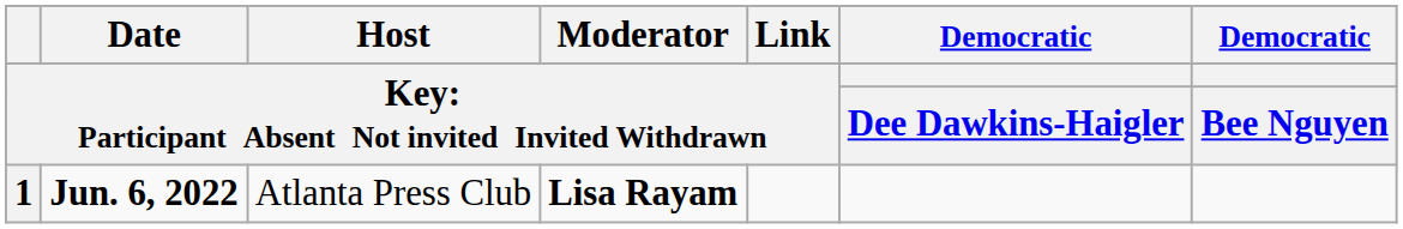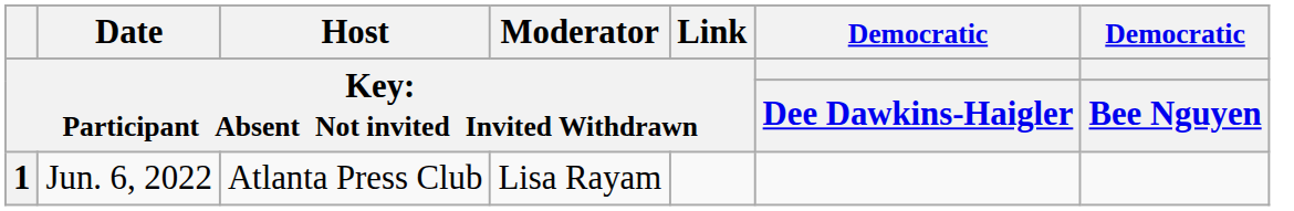 <table class="wikitable" style="text-align:center;">
 <tr>
 <th scope="col"></th>
 <th scope="col">Date</th>
 <th scope="col">Host</th>
 <th scope="col">Moderator</th>
 <th scope="col">Link</th>
 <th scope="col"><small><a href='#'>Democratic</a></small></th>
 <th scope="col"><small><a href='#'>Democratic</a></small></th>
 </tr>
 <tr>
 <th colspan="5" rowspan="2">Key:<br> <small>Participant </small>  <small>Absent </small>  <small>Not invited </small>  <small>Invited  Withdrawn</small></th>
 <th scope="col" style="background:"></th>
 <th scope="col" style="background:"></th>
 </tr>
 <tr>
 <th scope="col"><a href='#'>Dee Dawkins-Haigler</a></th>
 <th scope="col"><a href='#'>Bee Nguyen</a></th>
 </tr>
 <tr>
 <th>1</th>
-<td style="white-space:nowrap;"><strong>Jun. 6, 2022</strong></td>
+<td style="white-space:nowrap;">Jun. 6, 2022</td>
 <td style="white-space:nowrap;">Atlanta Press Club</td>
-<td style="white-space:nowrap;"><strong>Lisa Rayam</strong></td>
+<td style="white-space:nowrap;">Lisa Rayam</td>
 <td style="white-space:nowrap;"></td>
 <td></td>
 <td></td>
 </tr>
 </table>
